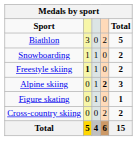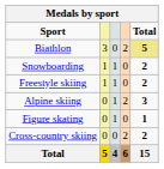 <table class="wikitable" style="font-size:85%;float:right">
 <tr style="background:#efefef;">
 <th colspan=5><strong>Medals by sport</strong></th>
 </tr>
 <tr align=center>
 <td><strong>Sport</strong></td>
 <td bgcolor=#f7f6a8></td>
 <td bgcolor=#dce5e5></td>
 <td bgcolor=#ffdab9></td>
 <td><strong>Total</strong></td>
 </tr>
 <tr align=center>
 <td><a href='#'>Biathlon</a></td>
 <td style="background:#F7F6A8;">3</td>
 <td style="background:#DCE5E5;">0</td>
 <td style="background:#FFDAB9;">2</td>
-<td><strong>5</strong></td>
+<td style="background: khaki;"><strong>5</strong></td>
 </tr>
 <tr align=center>
 <td><a href='#'>Snowboarding</a></td>
 <td style="background:#F7F6A8;">1</td>
 <td style="background:#DCE5E5;">1</td>
 <td style="background:#FFDAB9;">0</td>
 <td><strong>2</strong></td>
 </tr>
 <tr align=center>
 <td><a href='#'>Freestyle skiing</a></td>
-<td style="background:#F7F6A8;"><strong>1</strong></td>
+<td style="background:#F7F6A8;">1</td>
 <td style="background:#DCE5E5;">1</td>
 <td style="background:#FFDAB9;">0</td>
 <td><strong>2</strong></td>
 </tr>
 <tr align=center>
 <td><a href='#'>Alpine skiing</a></td>
 <td style="background:#F7F6A8;">0</td>
 <td style="background:#DCE5E5;">1</td>
-<td style="background:#FFDAB9;"><strong>2</strong></td>
+<td style="background:#FFDAB9;">2</td>
 <td><strong>3</strong></td>
 </tr>
 <tr align=center>
 <td><a href='#'>Figure skating</a></td>
 <td style="background:#F7F6A8;">0</td>
 <td style="background:#DCE5E5;">1</td>
 <td style="background:#FFDAB9;">0</td>
 <td><strong>1</strong></td>
 </tr>
 <tr align=center>
 <td><a href='#'>Cross-country skiing</a></td>
 <td style="background:#F7F6A8;">0</td>
 <td style="background:#DCE5E5;">0</td>
 <td style="background:#FFDAB9;">2</td>
 <td><strong>2</strong></td>
 </tr>
 <tr align=center>
 <th><strong>Total</strong></th>
 <th style="background:gold;"><strong>5</strong></th>
 <th style="background:silver;"><strong>4</strong></th>
 <th style="background:#c96;"><strong>6</strong></th>
 <th><strong>15</strong></th>
 </tr>
 </table>
